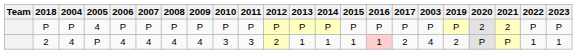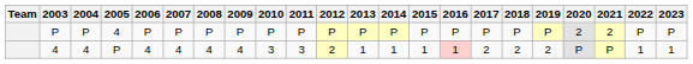 <table class="wikitable" style="font-size:85%; text-align: center;">
 <tr>
 <th scope="col">Team</th>
-<th scope="col">2018</th>
+<th scope="col">2003</th>
 <th scope="col">2004</th>
 <th scope="col">2005</th>
 <th scope="col">2006</th>
 <th scope="col">2007</th>
 <th scope="col">2008</th>
 <th scope="col">2009</th>
 <th scope="col">2010</th>
 <th scope="col">2011</th>
 <th scope="col">2012</th>
 <th scope="col">2013</th>
 <th scope="col">2014</th>
 <th scope="col">2015</th>
 <th scope="col">2016</th>
 <th scope="col">2017</th>
-<th scope="col">2003</th>
+<th scope="col">2018</th>
 <th scope="col">2019</th>
 <th scope="col">2020</th>
 <th scope="col">2021</th>
 <th scope="col">2022</th>
 <th scope="col">2023</th>
 </tr>
 <tr>
 <th scope="row"></th>
 <td>P</td>
 <td>P</td>
 <td>4</td>
 <td>P</td>
 <td>P</td>
 <td>P</td>
 <td>P</td>
 <td>P</td>
 <td>P</td>
 <td bgcolor="#ffffbf">P</td>
 <td bgcolor="#ffffbf">P</td>
 <td bgcolor="#ffffbf">P</td>
 <td>P</td>
 <td>P</td>
 <td>P</td>
 <td>P</td>
 <td bgcolor="#ffffbf">P</td>
 <td bgcolor="#e2e2e2">2</td>
 <td bgcolor="#ffffbf">2</td>
 <td>P</td>
 <td>P</td>
 </tr>
 <tr>
 <th scope="row"></th>
-<td>2</td>
+<td>4</td>
 <td>4</td>
 <td>P</td>
 <td>4</td>
 <td>4</td>
 <td>4</td>
 <td>4</td>
 <td>3</td>
 <td>3</td>
 <td bgcolor="#ffffbf">2</td>
 <td>1</td>
 <td>1</td>
 <td>1</td>
 <td bgcolor="#ffcfcf">1</td>
 <td>2</td>
-<td>4</td>
+<td>2</td>
 <td>2</td>
 <td bgcolor="#e2e2e2">P</td>
 <td bgcolor="#ffffbf">P</td>
 <td>1</td>
 <td>1</td>
 </tr>
 </table>
